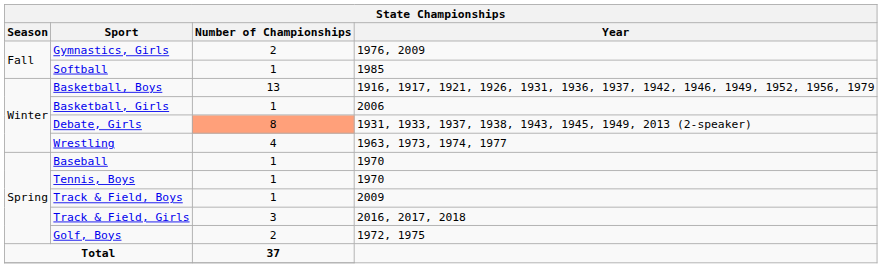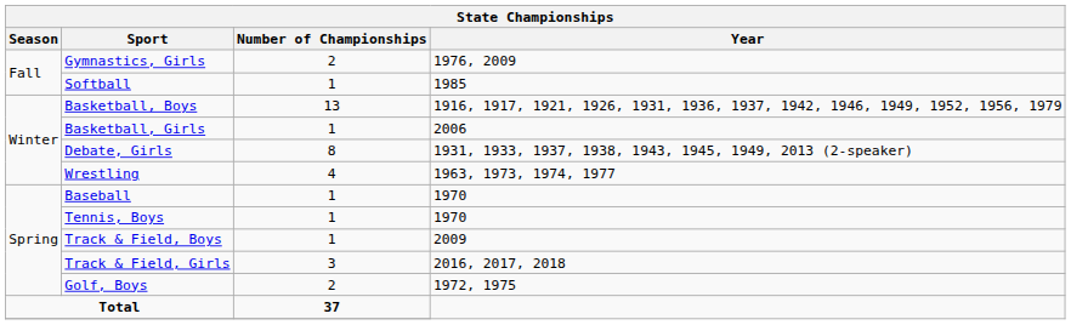 <table class="wikitable">
 <tr>
 <th colspan="4">State Championships</th>
 </tr>
 <tr>
 <th>Season</th>
 <th>Sport</th>
 <th>Number of Championships</th>
 <th>Year</th>
 </tr>
 <tr>
 <td rowspan="2">Fall</td>
 <td><a href='#'>Gymnastics, Girls</a></td>
 <td align="center">2</td>
 <td>1976, 2009</td>
 </tr>
 <tr>
 <td><a href='#'>Softball</a></td>
 <td align="center">1</td>
 <td>1985</td>
 </tr>
 <tr>
 <td rowspan="4">Winter</td>
 <td><a href='#'>Basketball, Boys</a></td>
 <td align="center">13</td>
 <td>1916, 1917, 1921, 1926, 1931, 1936, 1937, 1942, 1946, 1949, 1952, 1956, 1979</td>
 </tr>
 <tr>
 <td><a href='#'>Basketball, Girls</a></td>
 <td align="center">1</td>
 <td>2006</td>
 </tr>
 <tr>
 <td><a href='#'>Debate, Girls</a></td>
-<td align="center" style="background: lightsalmon;">8</td>
+<td align="center">8</td>
 <td>1931, 1933, 1937, 1938, 1943, 1945, 1949, 2013 (2-speaker)</td>
 </tr>
 <tr>
 <td><a href='#'>Wrestling</a></td>
 <td align="center">4</td>
 <td>1963, 1973, 1974, 1977</td>
 </tr>
 <tr>
 <td rowspan="5">Spring</td>
 <td><a href='#'>Baseball</a></td>
 <td align="center">1</td>
 <td>1970</td>
 </tr>
 <tr>
 <td><a href='#'>Tennis, Boys</a></td>
 <td align="center">1</td>
 <td>1970</td>
 </tr>
 <tr>
 <td><a href='#'>Track & Field, Boys</a></td>
 <td align="center">1</td>
 <td>2009</td>
 </tr>
 <tr>
 <td><a href='#'>Track & Field, Girls</a></td>
 <td align="center">3</td>
 <td>2016, 2017, 2018</td>
 </tr>
 <tr>
 <td><a href='#'>Golf, Boys</a></td>
 <td align="center">2</td>
 <td>1972, 1975</td>
 </tr>
 <tr>
 <td align="center" colspan="2"><strong>Total</strong></td>
 <td align="center"><strong>37</strong></td>
 </tr>
 <tr>
 </tr>
 </table>
